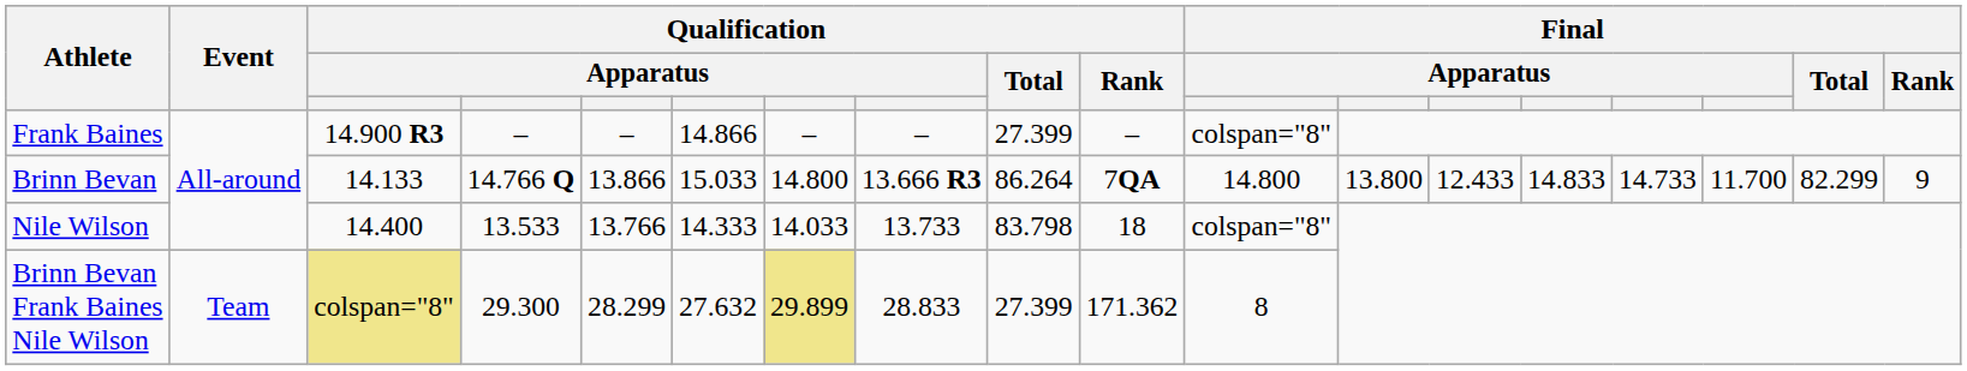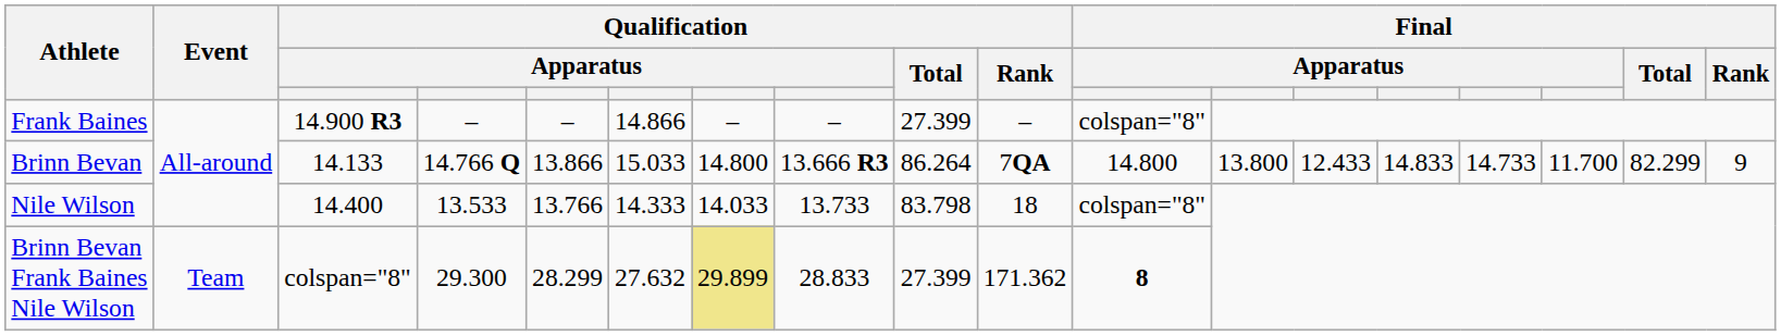 <table class="wikitable" style="font-size:90%">
 <tr>
 <th rowspan=3>Athlete</th>
 <th rowspan=3>Event</th>
 <th colspan =8>Qualification</th>
 <th colspan =8>Final</th>
 </tr>
 <tr style="font-size:95%">
 <th colspan=6>Apparatus</th>
 <th rowspan=2>Total</th>
 <th rowspan=2>Rank</th>
 <th colspan=6>Apparatus</th>
 <th rowspan=2>Total</th>
 <th rowspan=2>Rank</th>
 </tr>
 <tr style="font-size:95%">
 <th></th>
 <th></th>
 <th></th>
 <th></th>
 <th></th>
 <th></th>
 <th></th>
 <th></th>
 <th></th>
 <th></th>
 <th></th>
 <th></th>
 </tr>
 <tr align=center>
 <td align=left><a href='#'>Frank Baines</a></td>
 <td style="text-align:left;" rowspan="3"><a href='#'>All-around</a></td>
 <td>14.900 <strong>R3</strong></td>
 <td>–</td>
 <td>–</td>
 <td>14.866</td>
 <td>–</td>
 <td>–</td>
 <td>27.399</td>
 <td>–</td>
 <td>colspan="8" </td>
 </tr>
 <tr align=center>
 <td align=left><a href='#'>Brinn Bevan</a></td>
 <td>14.133</td>
 <td>14.766 <strong>Q</strong></td>
 <td>13.866</td>
 <td>15.033</td>
 <td>14.800</td>
 <td>13.666 <strong>R3</strong></td>
 <td>86.264</td>
 <td>7<strong>QA</strong></td>
 <td>14.800</td>
 <td>13.800</td>
 <td>12.433</td>
 <td>14.833</td>
 <td>14.733</td>
 <td>11.700</td>
 <td>82.299</td>
 <td>9</td>
 </tr>
 <tr align=center>
 <td align=left><a href='#'>Nile Wilson</a></td>
 <td>14.400</td>
 <td>13.533</td>
 <td>13.766</td>
 <td>14.333</td>
 <td>14.033</td>
 <td>13.733</td>
 <td>83.798</td>
 <td>18</td>
 <td>colspan="8" </td>
 </tr>
 <tr align=center>
 <td align=left><a href='#'>Brinn Bevan</a><br><a href='#'>Frank Baines</a><br><a href='#'>Nile Wilson</a></td>
 <td><a href='#'>Team</a></td>
-<td style="background: khaki;">colspan="8" </td>
+<td>colspan="8" </td>
 <td>29.300</td>
 <td>28.299</td>
 <td>27.632</td>
 <td style="background: khaki;">29.899</td>
 <td>28.833</td>
 <td>27.399</td>
 <td>171.362</td>
-<td>8</td>
+<td><strong>8</strong></td>
 </tr>
 </table>
